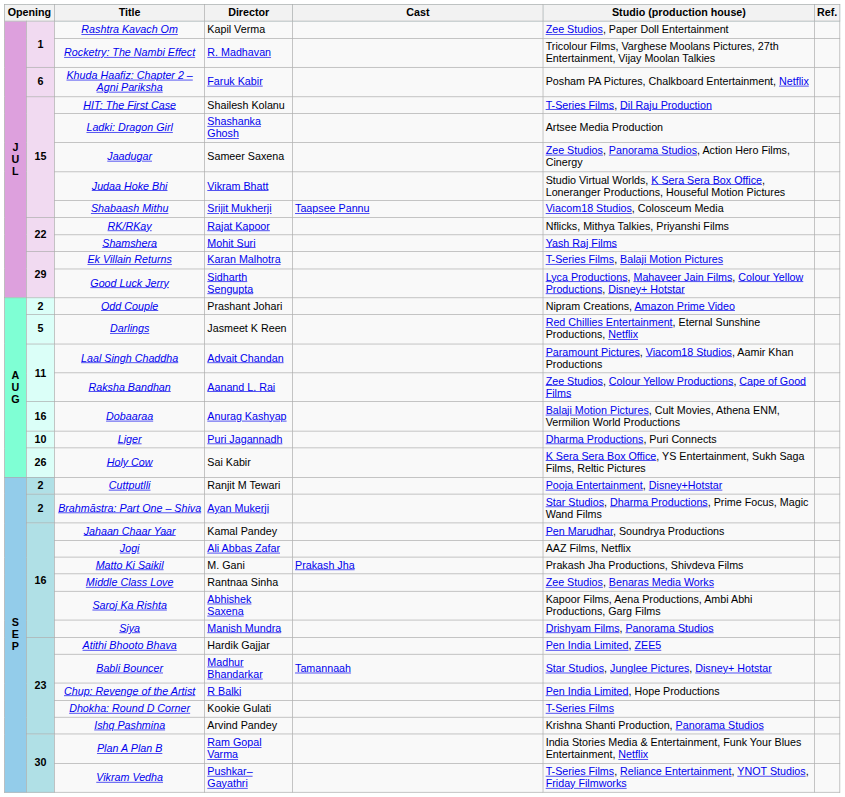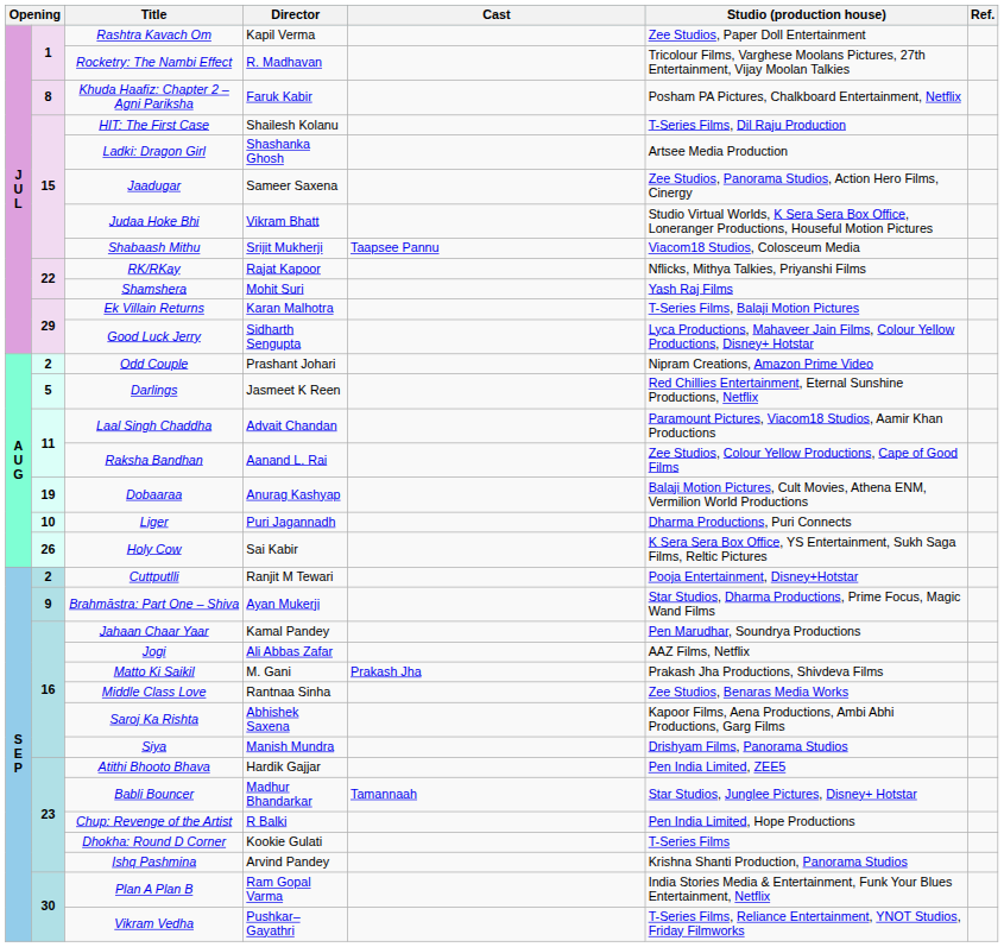 <table class="wikitable">
 <tr style="background:#b0e0e6; text-align:center;">
 <th colspan="2" style="width:6%;"><strong>Opening</strong></th>
 <th style="width:18%;"><strong>Title</strong></th>
 <th style="width:10.5%;"><strong>Director</strong></th>
 <th style="width:30%;"><strong>Cast</strong></th>
 <th>Studio (production house)</th>
 <th>Ref.</th>
 </tr>
 <tr July>
 <td rowspan="12" style="text-align:center; background:plum; textcolor:#000;"><strong>J<br>U<br>L</strong></td>
 <td rowspan="2" style="text-align:center;background:#f1daf1;"><strong>1</strong></td>
 <td style="text-align:center;"><em><a href='#'>Rashtra Kavach Om</a></em></td>
 <td>Kapil Verma</td>
 <td></td>
 <td><a href='#'>Zee Studios</a>, Paper Doll Entertainment</td>
 <td></td>
 </tr>
 <tr>
 <td style="text-align:center;"><em><a href='#'>Rocketry: The Nambi Effect</a></em></td>
 <td><a href='#'>R. Madhavan</a></td>
 <td></td>
 <td>Tricolour Films, Varghese Moolans Pictures, 27th Entertainment, Vijay Moolan Talkies</td>
 <td></td>
 </tr>
 <tr>
-<td style="text-align:center;background:#f1daf1;"><strong>6</strong></td>
+<td style="text-align:center;background:#f1daf1;"><strong>8</strong></td>
 <td style="text-align:center;"><em><a href='#'>Khuda Haafiz: Chapter 2 – Agni Pariksha</a></em></td>
 <td><a href='#'>Faruk Kabir</a></td>
 <td></td>
 <td>Posham PA Pictures, Chalkboard Entertainment, <a href='#'>Netflix</a></td>
 <td></td>
 </tr>
 <tr>
 <td rowspan="5" style="text-align:center;background:#f1daf1;"><strong>15</strong></td>
 <td style="text-align:center;"><em><a href='#'>HIT: The First Case</a></em></td>
 <td>Shailesh Kolanu</td>
 <td></td>
 <td><a href='#'>T-Series Films</a>, <a href='#'>Dil Raju Production</a></td>
 <td></td>
 </tr>
 <tr>
 <td style="text-align:center;"><em><a href='#'>Ladki: Dragon Girl</a></em></td>
 <td><a href='#'>Shashanka Ghosh</a></td>
 <td></td>
 <td>Artsee Media Production</td>
 <td></td>
 </tr>
 <tr>
 <td style="text-align:center;"><em><a href='#'>Jaadugar</a></em></td>
 <td>Sameer Saxena</td>
 <td></td>
 <td><a href='#'>Zee Studios</a>, <a href='#'>Panorama Studios</a>, Action Hero Films, Cinergy</td>
 <td></td>
 </tr>
 <tr>
 <td style="text-align:center;"><em><a href='#'>Judaa Hoke Bhi</a></em></td>
 <td><a href='#'>Vikram Bhatt</a></td>
 <td></td>
 <td>Studio Virtual Worlds, <a href='#'>K Sera Sera Box Office</a>, Loneranger Productions, Houseful Motion Pictures</td>
 <td></td>
 </tr>
 <tr>
 <td style="text-align:center;"><em><a href='#'>Shabaash Mithu</a></em></td>
 <td><a href='#'>Srijit Mukherji</a></td>
 <td><a href='#'>Taapsee Pannu</a></td>
 <td><a href='#'>Viacom18 Studios</a>, Colosceum Media</td>
 <td></td>
 </tr>
 <tr>
 <td rowspan="2" style="text-align:center;background:#f1daf1;"><strong>22</strong></td>
 <td style="text-align:center;"><em><a href='#'>RK/RKay</a></em></td>
 <td><a href='#'>Rajat Kapoor</a></td>
 <td></td>
 <td>Nflicks, Mithya Talkies, Priyanshi Films</td>
 <td></td>
 </tr>
 <tr>
 <td style="text-align:center;"><em><a href='#'>Shamshera</a></em></td>
 <td><a href='#'>Mohit Suri</a></td>
 <td></td>
 <td><a href='#'>Yash Raj Films</a></td>
 <td></td>
 </tr>
 <tr>
 <td rowspan="2" style="text-align:center;background:#f1daf1;"><strong>29</strong></td>
 <td style="text-align:center;"><em><a href='#'>Ek Villain Returns</a></em></td>
 <td><a href='#'>Karan Malhotra</a></td>
 <td></td>
 <td><a href='#'>T-Series Films</a>, <a href='#'>Balaji Motion Pictures</a></td>
 <td></td>
 </tr>
 <tr>
 <td style="text-align:center;"><em><a href='#'>Good Luck Jerry</a></em></td>
 <td><a href='#'>Sidharth Sengupta</a></td>
 <td></td>
 <td><a href='#'>Lyca Productions</a>, <a href='#'>Mahaveer Jain Films</a>, <a href='#'>Colour Yellow Productions</a>, <a href='#'>Disney+ Hotstar</a></td>
 <td></td>
 </tr>
 <tr August>
 <td rowspan="7" style="text-align:center; background:#7FFFD4; textcolor:#000;"><strong>A<br>U<br>G</strong></td>
 <td style="text-align:center;background:#dbfff8;"><strong>2</strong></td>
 <td style="text-align:center;"><em><a href='#'>Odd Couple</a></em></td>
 <td>Prashant Johari</td>
 <td></td>
 <td>Nipram Creations, <a href='#'>Amazon Prime Video</a></td>
 <td></td>
 </tr>
 <tr>
 <td style="text-align:center;background:#dbfff8;"><strong>5</strong></td>
 <td style="text-align:center;"><em><a href='#'>Darlings</a></em></td>
 <td>Jasmeet K Reen</td>
 <td></td>
 <td><a href='#'>Red Chillies Entertainment</a>, Eternal Sunshine Productions, <a href='#'>Netflix</a></td>
 <td></td>
 </tr>
 <tr>
 <td rowspan="2" style="text-align:center;background:#dbfff8;"><strong>11</strong></td>
 <td style="text-align:center;"><em><a href='#'>Laal Singh Chaddha</a></em></td>
 <td><a href='#'>Advait Chandan</a></td>
 <td></td>
 <td><a href='#'>Paramount Pictures</a>, <a href='#'>Viacom18 Studios</a>, Aamir Khan Productions</td>
 <td></td>
 </tr>
 <tr>
 <td style="text-align:center;"><em><a href='#'>Raksha Bandhan</a></em></td>
 <td><a href='#'>Aanand L. Rai</a></td>
 <td></td>
 <td><a href='#'>Zee Studios</a>, <a href='#'>Colour Yellow Productions</a>, <a href='#'>Cape of Good Films</a></td>
 <td></td>
 </tr>
 <tr>
-<td style="text-align:center;background:#dbfff8;"><strong>16</strong></td>
+<td style="text-align:center;background:#dbfff8;"><strong>19</strong></td>
 <td style="text-align:center;"><em><a href='#'>Dobaaraa</a></em></td>
 <td><a href='#'>Anurag Kashyap</a></td>
 <td></td>
 <td><a href='#'>Balaji Motion Pictures</a>, Cult Movies, Athena ENM, Vermilion World Productions</td>
 <td></td>
 </tr>
 <tr>
 <td style="text-align:center;background:#dbfff8;"><strong>10</strong></td>
 <td style="text-align:center;"><em><a href='#'>Liger</a></em></td>
 <td><a href='#'>Puri Jagannadh</a></td>
 <td></td>
 <td><a href='#'>Dharma Productions</a>, Puri Connects</td>
 <td></td>
 </tr>
 <tr>
 <td style="text-align:center;background:#dbfff8;"><strong>26</strong></td>
 <td style="text-align:center;"><em><a href='#'>Holy Cow</a></em></td>
 <td>Sai Kabir</td>
 <td></td>
 <td><a href='#'>K Sera Sera Box Office</a>, YS Entertainment, Sukh Saga Films, Reltic Pictures</td>
 <td></td>
 </tr>
 <tr September>
 <td rowspan="17" style="text-align:center; background:#93CCEA; textcolor:#000;"><strong>S<br>E<br>P</strong></td>
 <td style="text-align:center;background:#B0E0E6;"><strong>2</strong></td>
 <td style="text-align:center;"><em><a href='#'>Cuttputlli</a></em></td>
 <td>Ranjit M Tewari</td>
 <td></td>
 <td><a href='#'>Pooja Entertainment</a>, <a href='#'>Disney+Hotstar</a></td>
 <td></td>
 </tr>
 <tr>
-<td style="text-align:center;background:#B0E0E6;"><strong>2</strong></td>
+<td style="text-align:center;background:#B0E0E6;"><strong>9</strong></td>
 <td style="text-align:center;"><em><a href='#'>Brahmāstra: Part One – Shiva</a></em></td>
 <td><a href='#'>Ayan Mukerji</a></td>
 <td></td>
 <td><a href='#'>Star Studios</a>, <a href='#'>Dharma Productions</a>, Prime Focus, Magic Wand Films</td>
 <td></td>
 </tr>
 <tr>
 <td rowspan="6" style="text-align:center;background:#B0E0E6;"><strong>16</strong></td>
 <td style="text-align:center;"><em><a href='#'>Jahaan Chaar Yaar</a></em></td>
 <td>Kamal Pandey</td>
 <td></td>
 <td><a href='#'>Pen Marudhar</a>, Soundrya Productions</td>
 <td></td>
 </tr>
 <tr>
 <td style="text-align:center;"><em><a href='#'>Jogi</a></em></td>
 <td><a href='#'>Ali Abbas Zafar</a></td>
 <td></td>
 <td>AAZ Films, Netflix</td>
 <td></td>
 </tr>
 <tr>
 <td style="text-align:center;"><em><a href='#'>Matto Ki Saikil</a></em></td>
 <td>M. Gani</td>
 <td><a href='#'>Prakash Jha</a></td>
 <td>Prakash Jha Productions, Shivdeva Films</td>
 <td></td>
 </tr>
 <tr>
 <td style="text-align:center;"><em><a href='#'>Middle Class Love</a></em></td>
 <td>Rantnaa Sinha</td>
 <td></td>
 <td><a href='#'>Zee Studios</a>, <a href='#'>Benaras Media Works</a></td>
 <td></td>
 </tr>
 <tr>
 <td style="text-align:center;"><em><a href='#'>Saroj Ka Rishta</a></em></td>
 <td><a href='#'>Abhishek Saxena</a></td>
 <td></td>
 <td>Kapoor Films, Aena Productions, Ambi Abhi Productions, Garg Films</td>
 <td></td>
 </tr>
 <tr>
 <td style="text-align:center;"><em><a href='#'>Siya</a></em></td>
 <td><a href='#'>Manish Mundra</a></td>
 <td></td>
 <td><a href='#'>Drishyam Films</a>, <a href='#'>Panorama Studios</a></td>
 <td></td>
 </tr>
 <tr>
 <td rowspan="5" style="text-align:center;background:#B0E0E6;"><strong>23</strong></td>
 <td style="text-align:center;"><em><a href='#'>Atithi Bhooto Bhava</a></em></td>
 <td>Hardik Gajjar</td>
 <td></td>
 <td><a href='#'>Pen India Limited</a>, <a href='#'>ZEE5</a></td>
 <td></td>
 </tr>
 <tr>
 <td style="text-align:center;"><em><a href='#'>Babli Bouncer</a></em></td>
 <td><a href='#'>Madhur Bhandarkar</a></td>
 <td><a href='#'>Tamannaah</a></td>
 <td><a href='#'>Star Studios</a>, <a href='#'>Junglee Pictures</a>, <a href='#'>Disney+ Hotstar</a></td>
 <td></td>
 </tr>
 <tr>
 <td style="text-align:center;"><em><a href='#'>Chup: Revenge of the Artist</a></em></td>
 <td><a href='#'>R Balki</a></td>
 <td></td>
 <td><a href='#'>Pen India Limited</a>, Hope Productions</td>
 <td></td>
 </tr>
 <tr>
 <td style="text-align:center;"><em><a href='#'>Dhokha: Round D Corner</a></em></td>
 <td>Kookie Gulati</td>
 <td></td>
 <td><a href='#'>T-Series Films</a></td>
 <td></td>
 </tr>
 <tr>
 <td style="text-align:center;"><em><a href='#'>Ishq Pashmina</a></em></td>
 <td>Arvind Pandey</td>
 <td></td>
 <td>Krishna Shanti Production, <a href='#'>Panorama Studios</a></td>
 <td></td>
 </tr>
 <tr>
 <td rowspan="2" style="text-align:center;background:#B0E0E6;"><strong>30</strong></td>
 <td style="text-align:center;"><em><a href='#'>Plan A Plan B</a></em></td>
 <td><a href='#'>Ram Gopal Varma</a></td>
 <td></td>
 <td>India Stories Media & Entertainment, Funk Your Blues Entertainment, <a href='#'>Netflix</a></td>
 <td></td>
 </tr>
 <tr>
 <td style="text-align:center;"><em><a href='#'>Vikram Vedha</a></em></td>
 <td><a href='#'>Pushkar–Gayathri</a></td>
 <td></td>
 <td><a href='#'>T-Series Films</a>, <a href='#'>Reliance Entertainment</a>, <a href='#'>YNOT Studios</a>, <a href='#'>Friday Filmworks</a></td>
 <td></td>
 </tr>
 </table>
